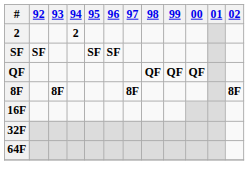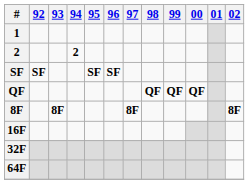 <table class="wikitable" style="text-align: center; font-size:80%">
 <tr>
 <th>#</th>
 <th><strong><a href='#'>92</a></strong></th>
 <th><strong><a href='#'>93</a></strong></th>
 <th><strong><a href='#'>94</a></strong></th>
 <th><strong><a href='#'>95</a></strong></th>
 <th><strong><a href='#'>96</a></strong></th>
 <th><strong><a href='#'>97</a></strong></th>
 <th><strong><a href='#'>98</a></strong></th>
 <th><strong><a href='#'>99</a></strong></th>
 <th><strong><a href='#'>00</a></strong></th>
 <th><strong><a href='#'>01</a></strong></th>
 <th><strong><a href='#'>02</a></strong></th>
+</tr>
+<tr>
+<th>1</th>
+<td></td>
+<td></td>
+<td></td>
+<td></td>
+<td></td>
+<td></td>
+<td></td>
+<td></td>
+<td></td>
+<td style="background:#dcdcdc"></td>
+<td></td>
 </tr>
 <tr>
 <th>2</th>
 <td></td>
 <td></td>
 <td><span><strong>2</strong></span></td>
 <td></td>
 <td></td>
 <td></td>
 <td></td>
 <td></td>
 <td></td>
 <td style="background:#dcdcdc"></td>
 <td></td>
 </tr>
 <tr>
 <th>SF</th>
 <td><span><strong>SF</strong></span></td>
 <td></td>
 <td></td>
 <td><span><strong>SF</strong></span></td>
 <td><span><strong>SF</strong></span></td>
 <td></td>
 <td></td>
 <td></td>
 <td></td>
 <td style="background:#dcdcdc"></td>
 <td></td>
 </tr>
 <tr>
 <th>QF</th>
 <td></td>
 <td></td>
 <td></td>
 <td></td>
 <td></td>
 <td></td>
 <td><span><strong>QF</strong></span></td>
 <td><span><strong>QF</strong></span></td>
 <td><span><strong>QF</strong></span></td>
 <td style="background:#dcdcdc"></td>
 <td></td>
 </tr>
 <tr>
 <th>8F</th>
 <td></td>
 <td><span><strong>8F</strong></span></td>
 <td></td>
 <td></td>
 <td></td>
 <td><span><strong>8F</strong></span></td>
 <td></td>
 <td></td>
 <td></td>
 <td style="background:#dcdcdc"></td>
 <td><span><strong>8F</strong></span></td>
 </tr>
 <tr>
 <th>16F</th>
 <td></td>
 <td></td>
 <td></td>
 <td></td>
 <td></td>
 <td></td>
 <td></td>
 <td></td>
 <td style="background:#dcdcdc"></td>
 <td style="background:#dcdcdc"></td>
 <td></td>
 </tr>
 <tr>
 <th>32F</th>
 <td style="background:#dcdcdc"></td>
 <td style="background:#dcdcdc"></td>
 <td style="background:#dcdcdc"></td>
 <td style="background:#dcdcdc"></td>
 <td style="background:#dcdcdc"></td>
 <td style="background:#dcdcdc"></td>
 <td style="background:#dcdcdc"></td>
 <td style="background:#dcdcdc"></td>
 <td style="background:#dcdcdc"></td>
 <td style="background:#dcdcdc"></td>
 <td></td>
 </tr>
 <tr>
 <th>64F</th>
 <td style="background:#dcdcdc"></td>
 <td style="background:#dcdcdc"></td>
 <td style="background:#dcdcdc"></td>
 <td style="background:#dcdcdc"></td>
 <td style="background:#dcdcdc"></td>
 <td style="background:#dcdcdc"></td>
 <td style="background:#dcdcdc"></td>
 <td style="background:#dcdcdc"></td>
 <td style="background:#dcdcdc"></td>
 <td style="background:#dcdcdc"></td>
 <td></td>
 </tr>
 <tr>
 </tr>
 </table>
